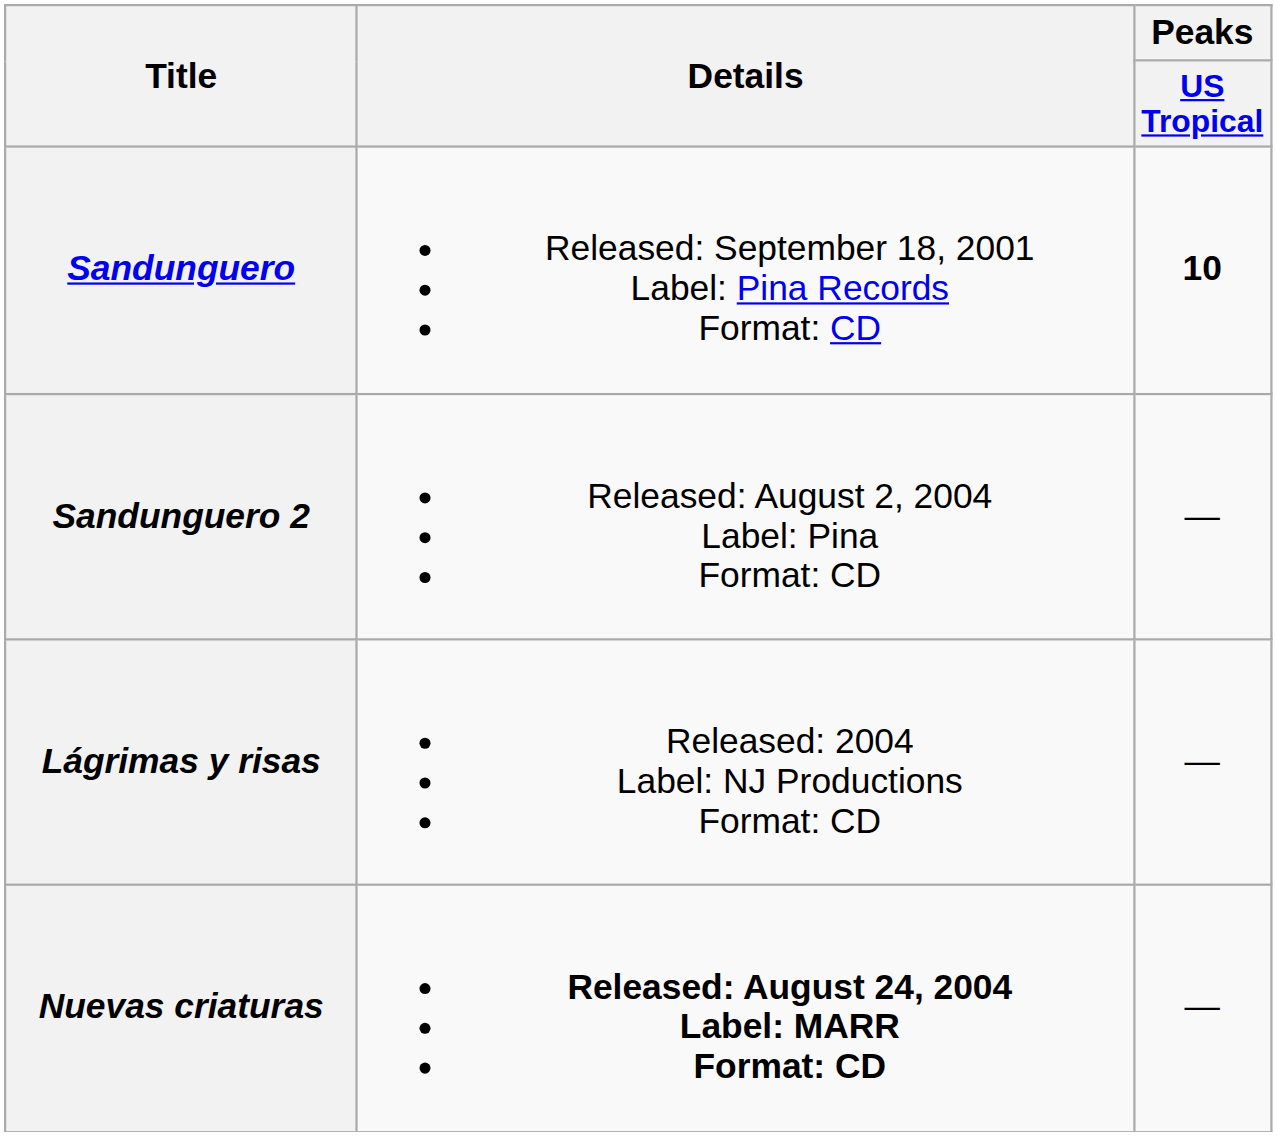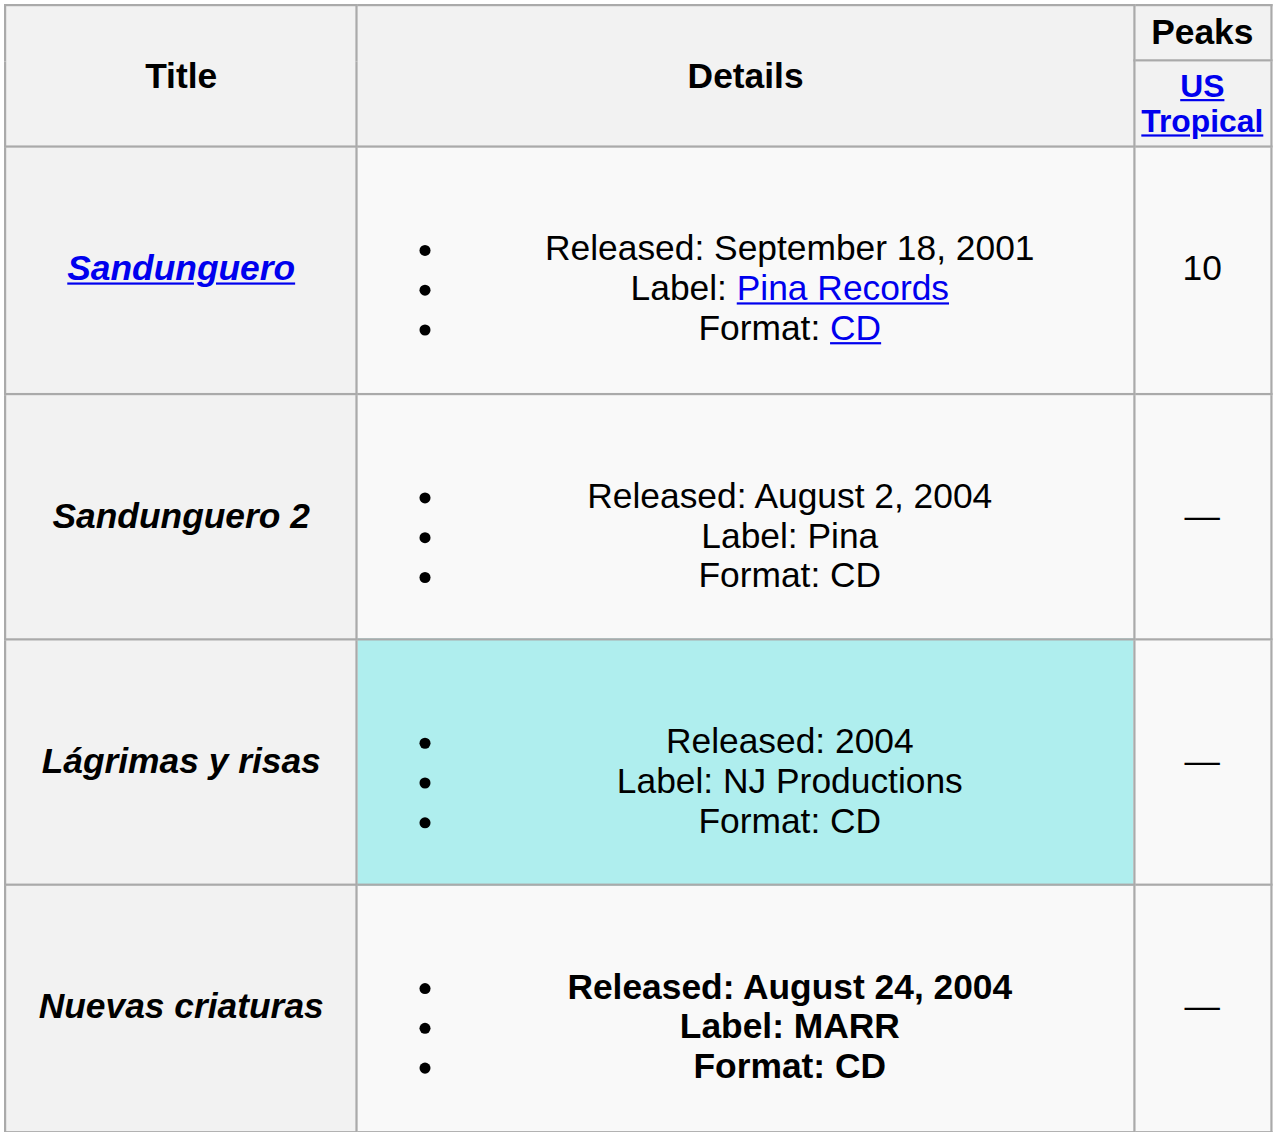 <table class="wikitable plainrowheaders" style="text-align:center">
 <tr>
 <th scope="col" rowspan="2" style="width:9.5em">Title</th>
 <th scope="col" rowspan="2" style="width:21.5em">Details</th>
 <th scope="col" colspan="2">Peaks</th>
 </tr>
 <tr>
 <th scope="col" style="width:2.5em;font-size:90%"><a href='#'>US<br>Tropical</a><br></th>
 </tr>
 <tr>
 <th scope="row"><em><a href='#'>Sandunguero</a></em></th>
 <td><br><ul><li>Released: September 18, 2001</li><li>Label: <a href='#'>Pina Records</a></li><li>Format: <a href='#'>CD</a></li></ul></td>
-<td><strong>10</strong></td>
+<td>10</td>
 </tr>
 <tr>
 <th scope="row"><em>Sandunguero 2</em></th>
 <td><br><ul><li>Released: August 2, 2004</li><li>Label: Pina</li><li>Format: CD</li></ul></td>
 <td>—</td>
 </tr>
 <tr>
 <th scope="row"><em>Lágrimas y risas</em></th>
-<td><br><ul><li>Released: 2004</li><li>Label: NJ Productions</li><li>Format: CD</li></ul></td>
+<td style="background: paleturquoise;"><br><ul><li>Released: 2004</li><li>Label: NJ Productions</li><li>Format: CD</li></ul></td>
 <td>—</td>
 </tr>
 <tr>
 <th scope="row"><em>Nuevas criaturas</em><br></th>
 <td><strong><br><ul><li>Released: August 24, 2004</li><li>Label: MARR</li><li>Format: CD</li></ul></strong></td>
 <td>—</td>
 </tr>
 </table>
